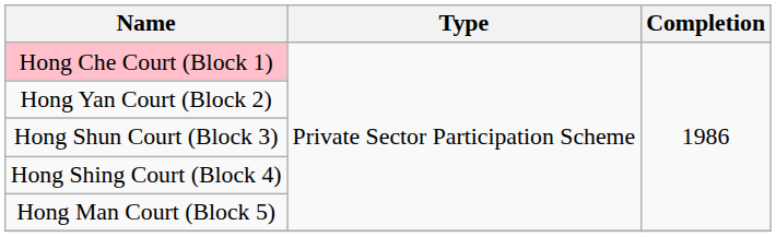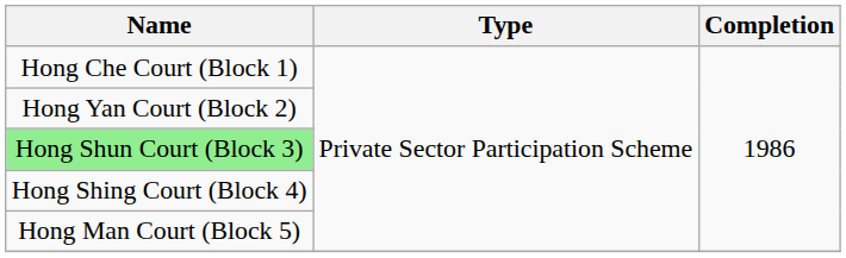 <table class="wikitable" style="text-align: center">
 <tr>
 <th>Name</th>
 <th>Type</th>
 <th>Completion</th>
 </tr>
 <tr>
-<td style="background: pink;">Hong Che Court (Block 1)</td>
+<td>Hong Che Court (Block 1)</td>
 <td rowspan="5">Private Sector Participation Scheme</td>
 <td rowspan="5">1986</td>
 </tr>
 <tr>
 <td>Hong Yan Court (Block 2)</td>
 </tr>
 <tr>
-<td>Hong Shun Court (Block 3)</td>
+<td style="background: lightgreen;">Hong Shun Court (Block 3)</td>
 </tr>
 <tr>
 <td>Hong Shing Court (Block 4)</td>
 </tr>
 <tr>
 <td>Hong Man Court (Block 5)</td>
 </tr>
 <tr>
 </tr>
 </table>
